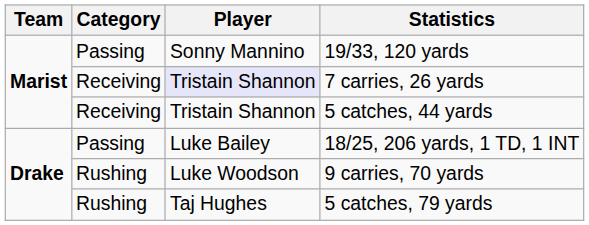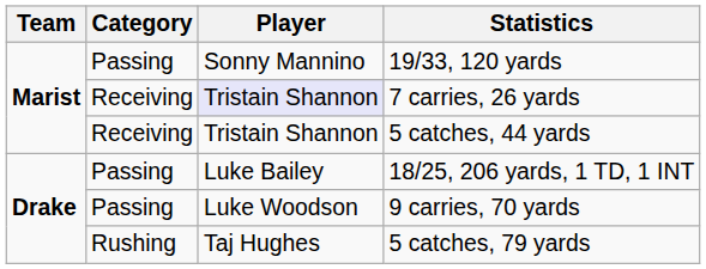 <table class="wikitable" style="float: right;">
 <tr>
 <th>Team</th>
 <th>Category</th>
 <th>Player</th>
 <th>Statistics</th>
 </tr>
 <tr>
 <td rowspan=3><strong>Marist</strong></td>
 <td>Passing</td>
 <td>Sonny Mannino</td>
 <td>19/33, 120 yards</td>
 </tr>
 <tr>
 <td>Receiving</td>
 <td style="background: lavender;">Tristain Shannon</td>
 <td>7 carries, 26 yards</td>
 </tr>
 <tr>
 <td>Receiving</td>
 <td>Tristain Shannon</td>
 <td>5 catches, 44 yards</td>
 </tr>
 <tr>
 <td rowspan=3><strong>Drake</strong></td>
 <td>Passing</td>
 <td>Luke Bailey</td>
 <td>18/25, 206 yards, 1 TD, 1 INT</td>
 </tr>
 <tr>
-<td>Rushing</td>
+<td>Passing</td>
 <td>Luke Woodson</td>
 <td>9 carries, 70 yards</td>
 </tr>
 <tr>
 <td>Rushing</td>
 <td>Taj Hughes</td>
 <td>5 catches, 79 yards</td>
 </tr>
 </table>
